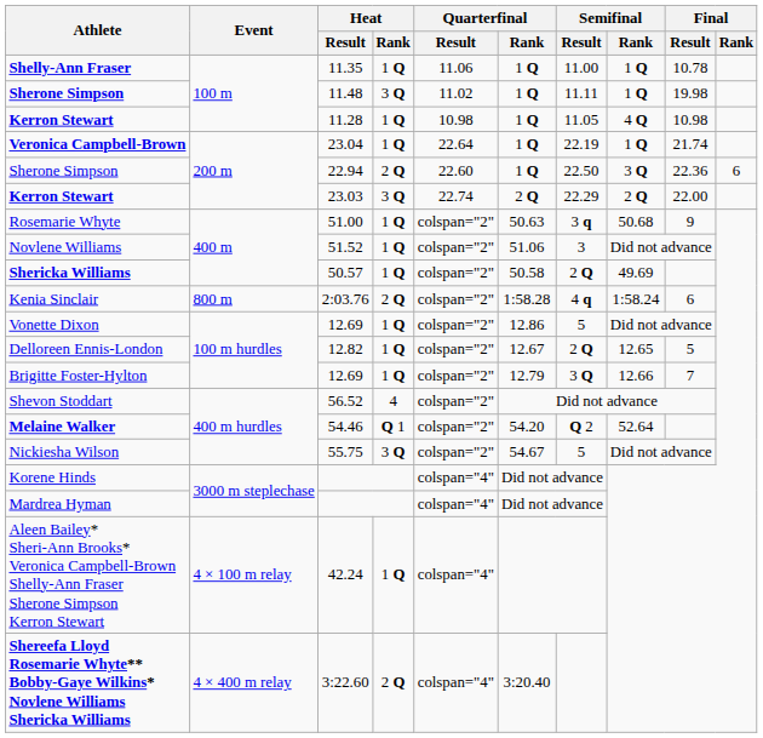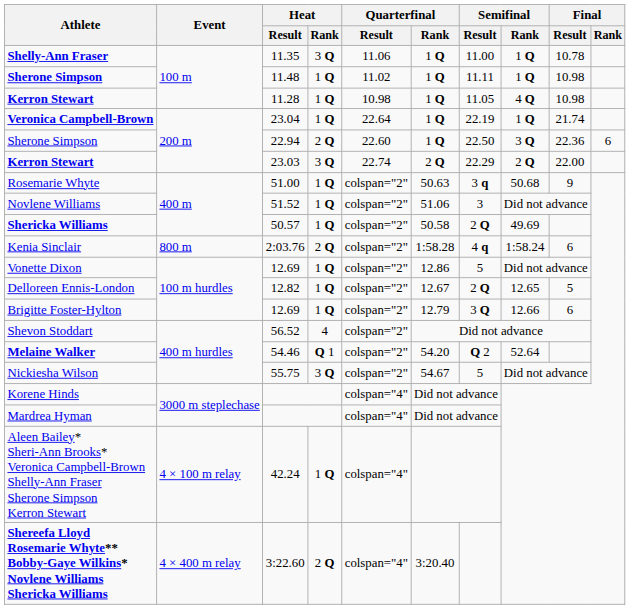 <table class=wikitable style="text-align:center; font-size:90%">
 <tr>
 <th rowspan="2">Athlete</th>
 <th rowspan="2">Event</th>
 <th colspan="2">Heat</th>
 <th colspan="2">Quarterfinal</th>
 <th colspan="2">Semifinal</th>
 <th colspan="2">Final</th>
 </tr>
 <tr style="font-size:95%">
 <th>Result</th>
 <th>Rank</th>
 <th>Result</th>
 <th>Rank</th>
 <th>Result</th>
 <th>Rank</th>
 <th>Result</th>
 <th>Rank</th>
 </tr>
 <tr align=center>
 <td align=left><strong><a href='#'>Shelly-Ann Fraser</a></strong></td>
 <td align=left rowspan="3"><a href='#'>100 m</a></td>
 <td>11.35</td>
-<td>1 <strong>Q</strong></td>
+<td>3 <strong>Q</strong></td>
 <td>11.06</td>
 <td>1 <strong>Q</strong></td>
 <td>11.00</td>
 <td>1 <strong>Q</strong></td>
 <td>10.78</td>
 <td></td>
 </tr>
 <tr align=center>
 <td align=left><strong><a href='#'>Sherone Simpson</a></strong></td>
 <td>11.48</td>
-<td>3 <strong>Q</strong></td>
+<td>1 <strong>Q</strong></td>
 <td>11.02</td>
 <td>1 <strong>Q</strong></td>
 <td>11.11</td>
 <td>1 <strong>Q</strong></td>
-<td>19.98</td>
+<td>10.98</td>
 <td></td>
 </tr>
 <tr align=center>
 <td align=left><strong><a href='#'>Kerron Stewart</a></strong></td>
 <td>11.28</td>
 <td>1 <strong>Q</strong></td>
 <td>10.98</td>
 <td>1 <strong>Q</strong></td>
 <td>11.05</td>
 <td>4 <strong>Q</strong></td>
 <td>10.98</td>
 <td></td>
 </tr>
 <tr align=center>
 <td align=left><strong><a href='#'>Veronica Campbell-Brown</a></strong></td>
 <td align=left rowspan="3"><a href='#'>200 m</a></td>
 <td>23.04</td>
 <td>1 <strong>Q</strong></td>
 <td>22.64</td>
 <td>1 <strong>Q</strong></td>
 <td>22.19</td>
 <td>1 <strong>Q</strong></td>
 <td>21.74</td>
 <td></td>
 </tr>
 <tr align=center>
 <td align=left><a href='#'>Sherone Simpson</a></td>
 <td>22.94</td>
 <td>2 <strong>Q</strong></td>
 <td>22.60</td>
 <td>1 <strong>Q</strong></td>
 <td>22.50</td>
 <td>3 <strong>Q</strong></td>
 <td>22.36</td>
 <td>6</td>
 </tr>
 <tr align=center>
 <td align=left><strong><a href='#'>Kerron Stewart</a></strong></td>
 <td>23.03</td>
 <td>3 <strong>Q</strong></td>
 <td>22.74</td>
 <td>2 <strong>Q</strong></td>
 <td>22.29</td>
 <td>2 <strong>Q</strong></td>
 <td>22.00</td>
 <td></td>
 </tr>
 <tr align=center>
 <td align=left><a href='#'>Rosemarie Whyte</a></td>
 <td align=left rowspan=3><a href='#'>400 m</a></td>
 <td>51.00</td>
 <td>1 <strong>Q</strong></td>
 <td>colspan="2" </td>
 <td>50.63</td>
 <td>3 <strong>q</strong></td>
 <td>50.68</td>
 <td>9</td>
 </tr>
 <tr align=center>
 <td align=left><a href='#'>Novlene Williams</a></td>
 <td>51.52</td>
 <td>1 <strong>Q</strong></td>
 <td>colspan="2" </td>
 <td>51.06</td>
 <td>3</td>
 <td colspan="2">Did not advance</td>
 </tr>
 <tr align=center>
 <td align=left><strong><a href='#'>Shericka Williams</a></strong></td>
 <td>50.57</td>
 <td>1 <strong>Q</strong></td>
 <td>colspan="2" </td>
 <td>50.58</td>
 <td>2 <strong>Q</strong></td>
 <td>49.69</td>
 <td></td>
 </tr>
 <tr align=center>
 <td align=left><a href='#'>Kenia Sinclair</a></td>
 <td align=left><a href='#'>800 m</a></td>
 <td>2:03.76</td>
 <td>2 <strong>Q</strong></td>
 <td>colspan="2" </td>
 <td>1:58.28</td>
 <td>4 <strong>q</strong></td>
 <td>1:58.24</td>
 <td>6</td>
 </tr>
 <tr align=center>
 <td align=left><a href='#'>Vonette Dixon</a></td>
 <td align=left rowspan="3"><a href='#'>100 m hurdles</a></td>
 <td>12.69</td>
 <td>1 <strong>Q</strong></td>
 <td>colspan="2" </td>
 <td>12.86</td>
 <td>5</td>
 <td colspan="2">Did not advance</td>
 </tr>
 <tr align=center>
 <td align=left><a href='#'>Delloreen Ennis-London</a></td>
 <td>12.82</td>
 <td>1 <strong>Q</strong></td>
 <td>colspan="2" </td>
 <td>12.67</td>
 <td>2 <strong>Q</strong></td>
 <td>12.65</td>
 <td>5</td>
 </tr>
 <tr align=center>
 <td align=left><a href='#'>Brigitte Foster-Hylton</a></td>
 <td>12.69</td>
 <td>1 <strong>Q</strong></td>
 <td>colspan="2" </td>
 <td>12.79</td>
 <td>3 <strong>Q</strong></td>
 <td>12.66</td>
-<td>7</td>
+<td>6</td>
 </tr>
 <tr align=center>
 <td align=left><a href='#'>Shevon Stoddart</a></td>
 <td align=left rowspan="3"><a href='#'>400 m hurdles</a></td>
 <td>56.52</td>
 <td>4</td>
 <td>colspan="2" </td>
 <td colspan="4">Did not advance</td>
 </tr>
 <tr align=center>
 <td align=left><strong><a href='#'>Melaine Walker</a></strong></td>
 <td>54.46</td>
 <td><strong>Q</strong> 1</td>
 <td>colspan="2" </td>
 <td>54.20</td>
 <td><strong>Q</strong> 2</td>
 <td>52.64 </td>
 <td></td>
 </tr>
 <tr align=center>
 <td align=left><a href='#'>Nickiesha Wilson</a></td>
 <td>55.75</td>
 <td>3 <strong>Q</strong></td>
 <td>colspan="2" </td>
 <td>54.67</td>
 <td>5</td>
 <td colspan="2">Did not advance</td>
 </tr>
 <tr align=center>
 <td align=left><a href='#'>Korene Hinds</a></td>
 <td align=left rowspan="2"><a href='#'>3000 m steplechase</a></td>
 <td colspan="2"></td>
 <td>colspan="4" </td>
 <td colspan="2">Did not advance</td>
 </tr>
 <tr align=center>
 <td align=left><a href='#'>Mardrea Hyman</a></td>
 <td colspan="2"></td>
 <td>colspan="4" </td>
 <td colspan="2">Did not advance</td>
 </tr>
 <tr align=center>
 <td align=left><a href='#'>Aleen Bailey</a>*<br><a href='#'>Sheri-Ann Brooks</a>*<br><a href='#'>Veronica Campbell-Brown</a><br><a href='#'>Shelly-Ann Fraser</a><br><a href='#'>Sherone Simpson</a><br><a href='#'>Kerron Stewart</a></td>
 <td align=left><a href='#'>4 × 100 m relay</a></td>
 <td>42.24</td>
 <td>1 <strong>Q</strong></td>
 <td>colspan="4" </td>
 <td colspan="2"></td>
 </tr>
 <tr align-center>
 <td align=left><strong><a href='#'>Shereefa Lloyd</a><br><a href='#'>Rosemarie Whyte</a>**<br><a href='#'>Bobby-Gaye Wilkins</a>*<br><a href='#'>Novlene Williams</a><br><a href='#'>Shericka Williams</a></strong></td>
 <td align=left><a href='#'>4 × 400 m relay</a></td>
 <td>3:22.60</td>
 <td>2 <strong>Q</strong></td>
 <td>colspan="4" </td>
 <td>3:20.40</td>
 <td></td>
 </tr>
 </table>
